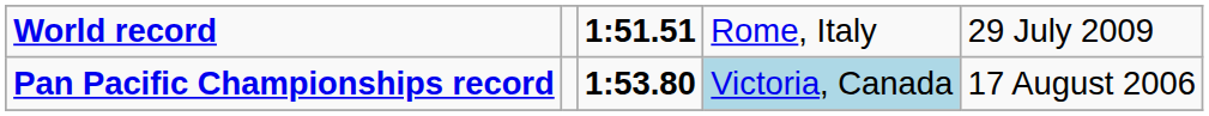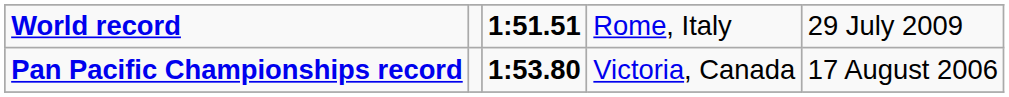 <table class="wikitable">
 <tr>
 <td><strong><a href='#'>World record</a></strong></td>
 <td></td>
 <td><strong>1:51.51</strong></td>
 <td><a href='#'>Rome</a>, Italy</td>
 <td>29 July 2009</td>
 </tr>
 <tr>
 <td><strong><a href='#'>Pan Pacific Championships record</a></strong></td>
 <td></td>
 <td><strong>1:53.80</strong></td>
-<td style="background: lightblue;"><a href='#'>Victoria</a>, Canada</td>
+<td><a href='#'>Victoria</a>, Canada</td>
 <td>17 August 2006</td>
 </tr>
 </table>
